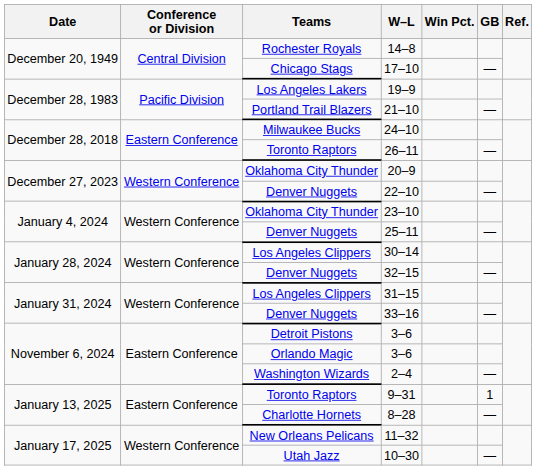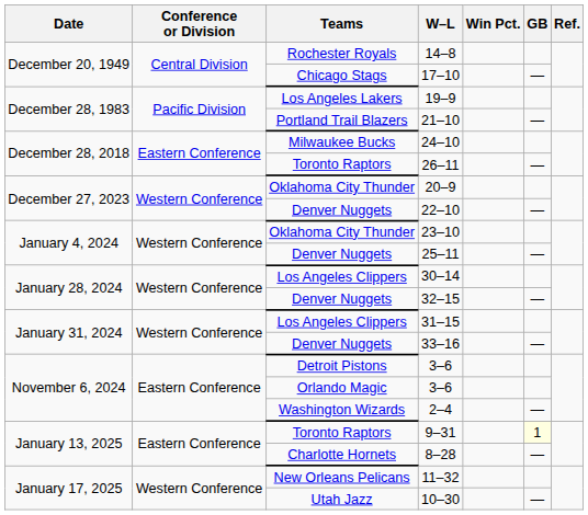 <table class="wikitable" style="text-align:center; font-size: 95%;">
 <tr>
 <th>Date</th>
 <th>Conference<br>or Division</th>
 <th>Teams</th>
 <th>W–L</th>
 <th>Win Pct.</th>
 <th>GB</th>
 <th>Ref.</th>
 </tr>
 <tr>
 <td rowspan=2>December 20, 1949</td>
 <td rowspan=2><a href='#'>Central Division</a></td>
 <td><a href='#'>Rochester Royals</a></td>
 <td>14–8</td>
 <td></td>
 <td></td>
 <td rowspan=2></td>
 </tr>
 <tr>
 <td style="border-bottom:2px solid black"><a href='#'>Chicago Stags</a></td>
 <td>17–10</td>
 <td></td>
 <td>—</td>
 </tr>
 <tr>
 <td rowspan=2>December 28, 1983</td>
 <td rowspan=2><a href='#'>Pacific Division</a></td>
 <td><a href='#'>Los Angeles Lakers</a></td>
 <td>19–9</td>
 <td></td>
 <td></td>
 <td rowspan=2></td>
 </tr>
 <tr>
 <td style="border-bottom:2px solid black"><a href='#'>Portland Trail Blazers</a></td>
 <td>21–10</td>
 <td></td>
 <td>—</td>
 </tr>
 <tr>
 <td rowspan=2>December 28, 2018</td>
 <td rowspan=2><a href='#'>Eastern Conference</a></td>
 <td><a href='#'>Milwaukee Bucks</a></td>
 <td>24–10</td>
 <td></td>
 <td></td>
 <td rowspan=2></td>
 </tr>
 <tr>
 <td style="border-bottom:2px solid black"><a href='#'>Toronto Raptors</a></td>
 <td>26–11</td>
 <td></td>
 <td>—</td>
 </tr>
 <tr>
 <td rowspan=2>December 27, 2023</td>
 <td rowspan=2><a href='#'>Western Conference</a></td>
 <td><a href='#'>Oklahoma City Thunder</a></td>
 <td>20–9</td>
 <td></td>
 <td></td>
 <td rowspan=2></td>
 </tr>
 <tr>
 <td style="border-bottom:2px solid black"><a href='#'>Denver Nuggets</a></td>
 <td>22–10</td>
 <td></td>
 <td>—</td>
 </tr>
 <tr>
 <td rowspan=2>January 4, 2024</td>
 <td rowspan=2>Western Conference</td>
 <td><a href='#'>Oklahoma City Thunder</a></td>
 <td>23–10</td>
 <td></td>
 <td></td>
 <td rowspan=2></td>
 </tr>
 <tr>
 <td style="border-bottom:2px solid black"><a href='#'>Denver Nuggets</a></td>
 <td>25–11</td>
 <td></td>
 <td>—</td>
 </tr>
 <tr>
 <td rowspan=2>January 28, 2024</td>
 <td rowspan=2>Western Conference</td>
 <td><a href='#'>Los Angeles Clippers</a></td>
 <td>30–14</td>
 <td></td>
 <td></td>
 <td rowspan=2></td>
 </tr>
 <tr>
 <td style="border-bottom:2px solid black"><a href='#'>Denver Nuggets</a></td>
 <td>32–15</td>
 <td></td>
 <td>—</td>
 </tr>
 <tr>
 <td rowspan=2>January 31, 2024</td>
 <td rowspan=2>Western Conference</td>
 <td><a href='#'>Los Angeles Clippers</a></td>
 <td>31–15</td>
 <td></td>
 <td></td>
 <td rowspan=2></td>
 </tr>
 <tr>
 <td style="border-bottom:2px solid black"><a href='#'>Denver Nuggets</a></td>
 <td>33–16</td>
 <td></td>
 <td>—</td>
 </tr>
 <tr>
 <td rowspan=3>November 6, 2024</td>
 <td rowspan=3>Eastern Conference</td>
 <td><a href='#'>Detroit Pistons</a></td>
 <td>3–6</td>
 <td></td>
 <td></td>
 <td rowspan=3></td>
 </tr>
 <tr>
 <td><a href='#'>Orlando Magic</a></td>
 <td>3–6</td>
 <td></td>
 <td></td>
 </tr>
 <tr>
 <td style="border-bottom:2px solid black"><a href='#'>Washington Wizards</a></td>
 <td>2–4</td>
 <td></td>
 <td>—</td>
 </tr>
 <tr>
 <td rowspan=2>January 13, 2025</td>
 <td rowspan=2>Eastern Conference</td>
 <td><a href='#'>Toronto Raptors</a></td>
 <td>9–31</td>
 <td></td>
-<td>1</td>
+<td style="background: lightyellow;">1</td>
 <td rowspan=2></td>
 </tr>
 <tr>
 <td style="border-bottom:2px solid black"><a href='#'>Charlotte Hornets</a></td>
 <td>8–28</td>
 <td></td>
 <td>—</td>
 </tr>
 <tr>
 <td rowspan=2>January 17, 2025</td>
 <td rowspan=2>Western Conference</td>
 <td><a href='#'>New Orleans Pelicans</a></td>
 <td>11–32</td>
 <td></td>
 <td></td>
 <td rowspan=2></td>
 </tr>
 <tr>
 <td><a href='#'>Utah Jazz</a></td>
 <td>10–30</td>
 <td></td>
 <td>—</td>
 </tr>
 </table>
